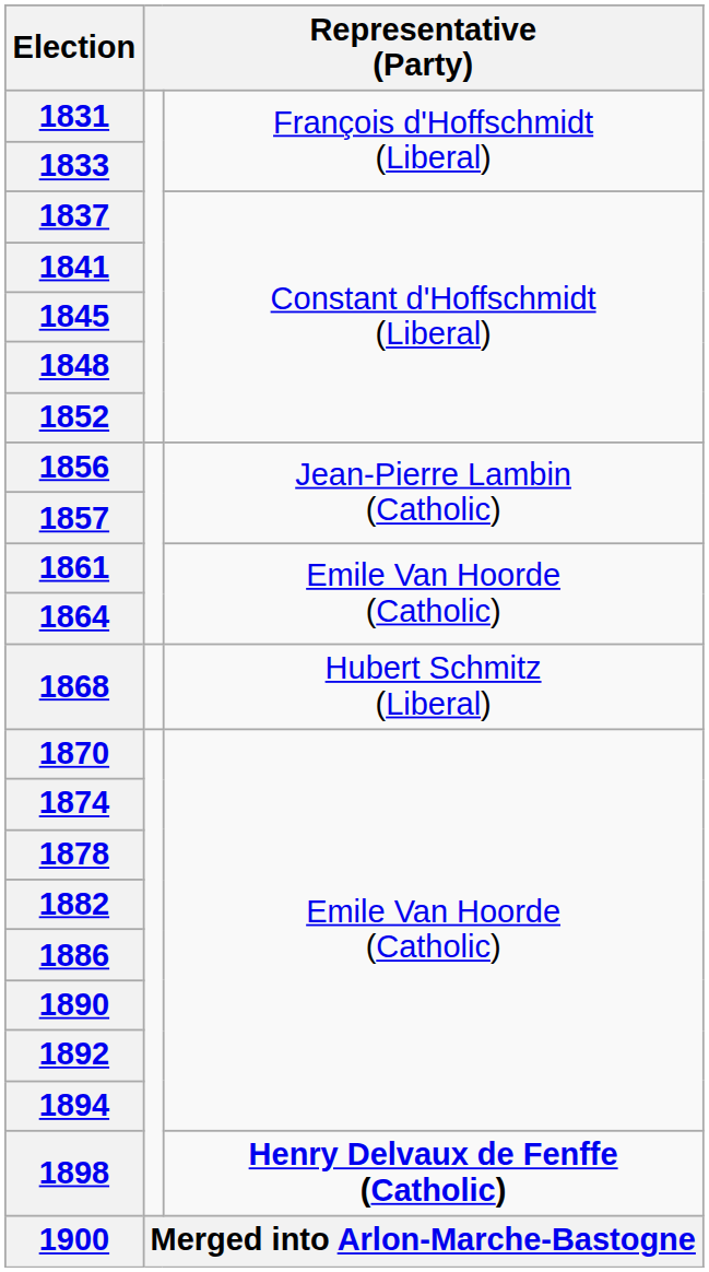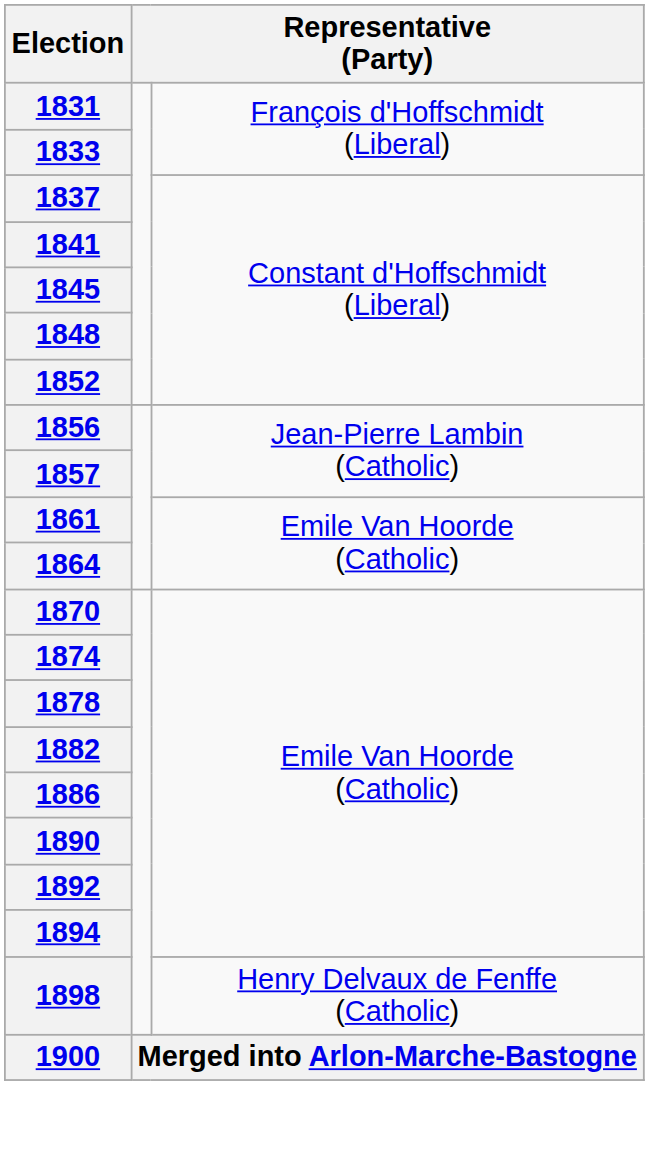 <table class="wikitable" style="text-align:center">
 <tr>
 <th>Election</th>
 <th colspan=2>Representative<br>(Party)</th>
 </tr>
 <tr>
 <th><a href='#'>1831</a></th>
 <td rowspan=7; style="background-color: "></td>
 <td rowspan=2><a href='#'>François d'Hoffschmidt</a><br>(<a href='#'>Liberal</a>)</td>
 </tr>
 <tr>
 <th><a href='#'>1833</a></th>
 </tr>
 <tr>
 <th><a href='#'>1837</a></th>
 <td rowspan=5><a href='#'>Constant d'Hoffschmidt</a><br>(<a href='#'>Liberal</a>)</td>
 </tr>
 <tr>
 <th><a href='#'>1841</a></th>
 </tr>
 <tr>
 <th><a href='#'>1845</a></th>
 </tr>
 <tr>
 <th><a href='#'>1848</a></th>
 </tr>
 <tr>
 <th><a href='#'>1852</a></th>
 </tr>
 <tr>
 <th><a href='#'>1856</a></th>
 <td rowspan=4; style="background-color: "></td>
 <td rowspan=2><a href='#'>Jean-Pierre Lambin</a><br>(<a href='#'>Catholic</a>)</td>
 </tr>
 <tr>
 <th><a href='#'>1857</a></th>
 </tr>
 <tr>
 <th><a href='#'>1861</a></th>
 <td rowspan=2><a href='#'>Emile Van Hoorde</a><br>(<a href='#'>Catholic</a>)</td>
 </tr>
 <tr>
 <th><a href='#'>1864</a></th>
 </tr>
 <tr>
-<th><a href='#'>1868</a></th>
-<td rowspan=1; style="background-color: "></td>
-<td rowspan=1><a href='#'>Hubert Schmitz</a><br>(<a href='#'>Liberal</a>)</td>
-</tr>
-<tr>
 <th><a href='#'>1870</a></th>
 <td rowspan=9; style="background-color: "></td>
 <td rowspan=8><a href='#'>Emile Van Hoorde</a><br>(<a href='#'>Catholic</a>)</td>
 </tr>
 <tr>
 <th><a href='#'>1874</a></th>
 </tr>
 <tr>
 <th><a href='#'>1878</a></th>
 </tr>
 <tr>
 <th><a href='#'>1882</a></th>
 </tr>
 <tr>
 <th><a href='#'>1886</a></th>
 </tr>
 <tr>
 <th><a href='#'>1890</a></th>
 </tr>
 <tr>
 <th><a href='#'>1892</a></th>
 </tr>
 <tr>
 <th><a href='#'>1894</a></th>
 </tr>
 <tr>
 <th><a href='#'>1898</a></th>
-<td rowspan=1><strong><a href='#'>Henry Delvaux de Fenffe</a><br>(<a href='#'>Catholic</a>)</strong></td>
+<td rowspan=1><a href='#'>Henry Delvaux de Fenffe</a><br>(<a href='#'>Catholic</a>)</td>
 </tr>
 <tr>
 <th><a href='#'>1900</a></th>
 <th colspan=2>Merged into <a href='#'>Arlon-Marche-Bastogne</a></th>
 </tr>
 </table>
